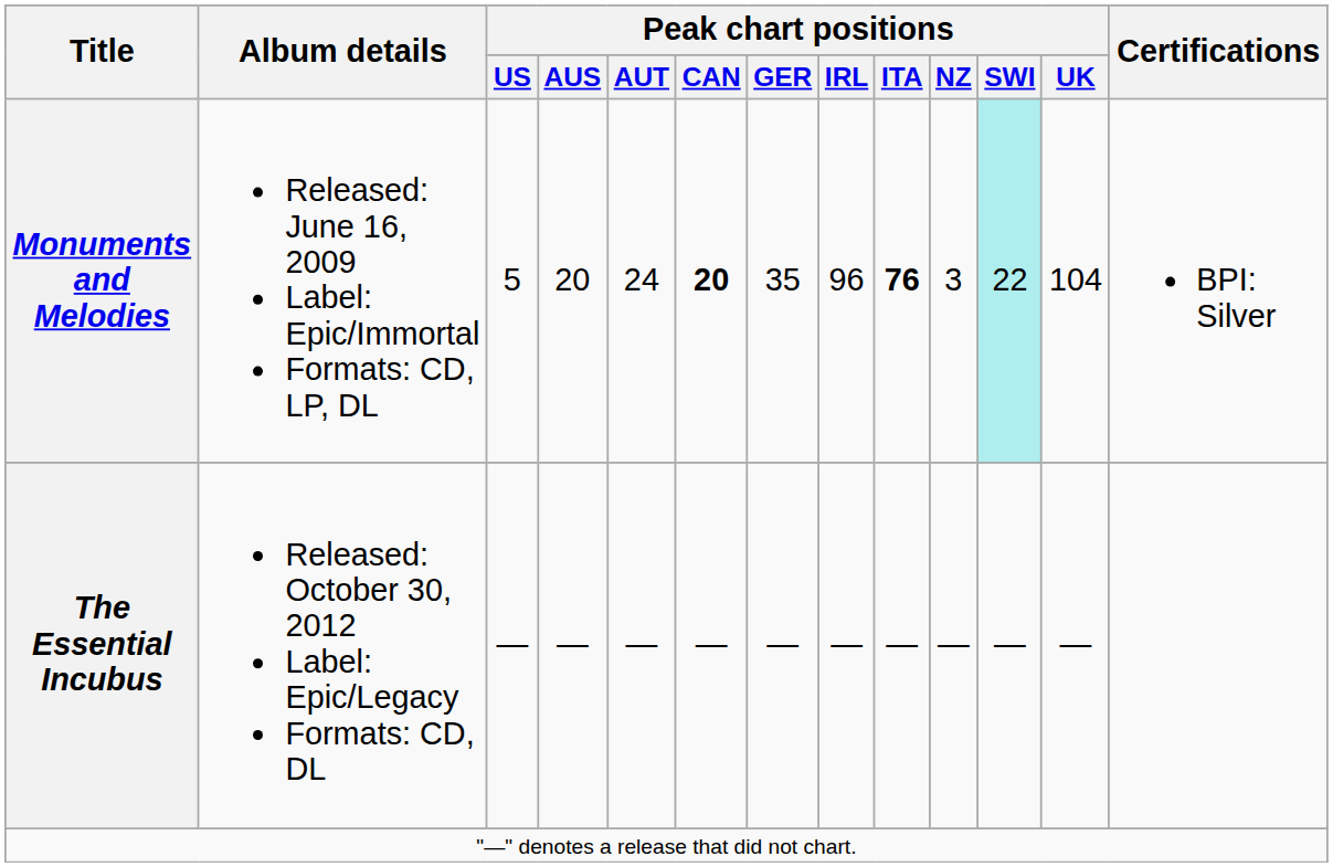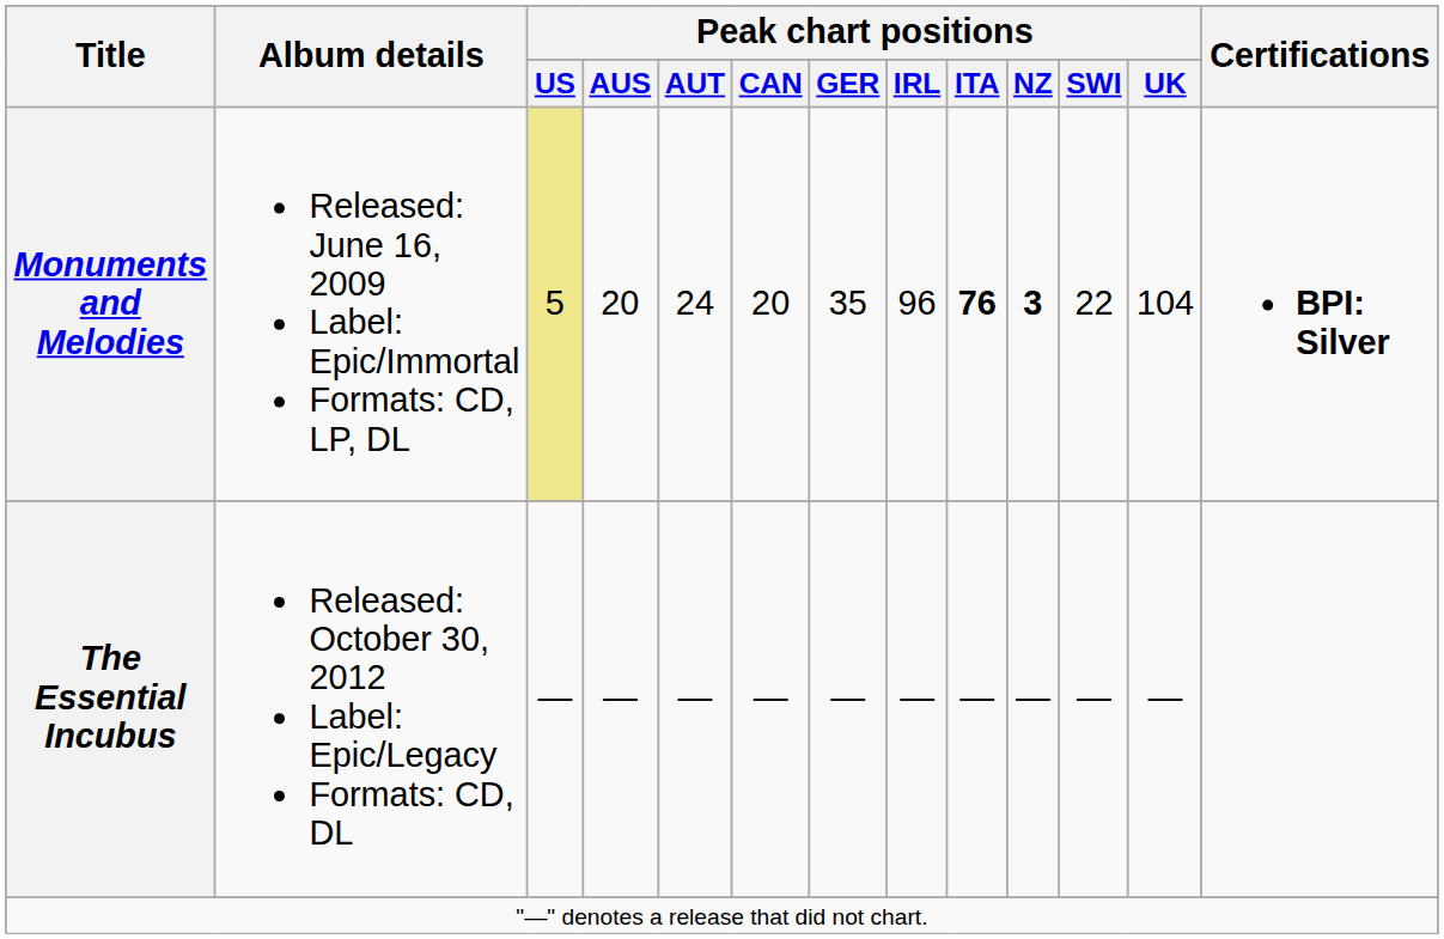 <table class="wikitable plainrowheaders">
 <tr>
 <th rowspan="2">Title</th>
 <th rowspan="2">Album details</th>
 <th colspan="10">Peak chart positions</th>
 <th rowspan="2">Certifications</th>
 </tr>
 <tr>
 <th style="width:3em;font-size:85%"><a href='#'>US</a><br></th>
 <th style="width:3em;font-size:85%"><a href='#'>AUS</a><br></th>
 <th style="width:3em;font-size:85%"><a href='#'>AUT</a><br></th>
 <th style="width:3em;font-size:85%"><a href='#'>CAN</a><br></th>
 <th style="width:3em;font-size:85%"><a href='#'>GER</a><br></th>
 <th style="width:3em;font-size:85%"><a href='#'>IRL</a><br></th>
 <th style="width:3em;font-size:85%"><a href='#'>ITA</a><br></th>
 <th style="width:3em;font-size:85%"><a href='#'>NZ</a><br></th>
 <th style="width:3em;font-size:85%"><a href='#'>SWI</a><br></th>
 <th style="width:3em;font-size:85%"><a href='#'>UK</a><br></th>
 </tr>
 <tr>
 <th scope="row"><em><a href='#'>Monuments and Melodies</a></em></th>
 <td><br><ul><li>Released: June 16, 2009</li><li>Label: Epic/Immortal</li><li>Formats: CD, LP, DL</li></ul></td>
-<td style="text-align:center;">5</td>
+<td style="background: khaki; text-align:center;">5</td>
 <td style="text-align:center;">20</td>
 <td style="text-align:center;">24</td>
-<td style="text-align:center;"><strong>20</strong></td>
+<td style="text-align:center;">20</td>
 <td style="text-align:center;">35</td>
 <td style="text-align:center;">96</td>
 <td style="text-align:center;"><strong>76</strong></td>
-<td style="text-align:center;">3</td>
-<td style="background: paleturquoise; text-align:center;">22</td>
+<td style="text-align:center;"><strong>3</strong></td>
+<td style="text-align:center;">22</td>
 <td style="text-align:center;">104</td>
-<td><br><ul><li>BPI: Silver</li></ul></td>
+<td><strong><br><ul><li>BPI: Silver</li></ul></strong></td>
 </tr>
 <tr>
 <th scope="row"><em>The Essential Incubus</em></th>
 <td><br><ul><li>Released: October 30, 2012</li><li>Label: Epic/Legacy</li><li>Formats: CD, DL</li></ul></td>
 <td style="text-align:center;">—</td>
 <td style="text-align:center;">—</td>
 <td style="text-align:center;">—</td>
 <td style="text-align:center;">—</td>
 <td style="text-align:center;">—</td>
 <td style="text-align:center;">—</td>
 <td style="text-align:center;">—</td>
 <td style="text-align:center;">—</td>
 <td style="text-align:center;">—</td>
 <td style="text-align:center;">—</td>
 <td></td>
 </tr>
 <tr>
 <td colspan="16" style="text-align:center; font-size:8pt;">"—" denotes a release that did not chart.</td>
 </tr>
 </table>
